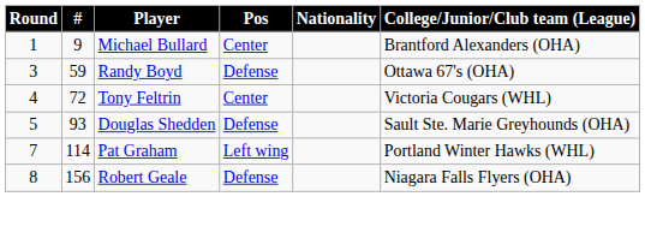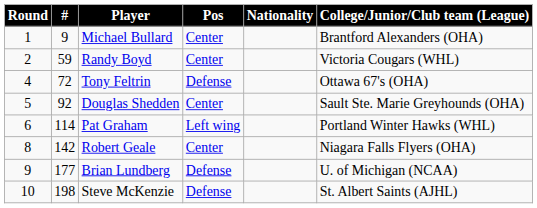 <table class="wikitable">
 <tr>
 <th style="color:white; background:#000000; ">Round</th>
 <th style="color:white; background:#000000; ">#</th>
 <th style="color:white; background:#000000; ">Player</th>
 <th style="color:white; background:#000000; ">Pos</th>
 <th style="color:white; background:#000000; ">Nationality</th>
 <th style="color:white; background:#000000; ">College/Junior/Club team (League)</th>
 </tr>
 <tr>
 <td align=center>1</td>
 <td align=center>9</td>
 <td><a href='#'>Michael Bullard</a></td>
 <td><a href='#'>Center</a></td>
 <td></td>
 <td>Brantford Alexanders (OHA)</td>
 </tr>
 <tr>
-<td align=center>3</td>
+<td align=center>2</td>
 <td align=center>59</td>
 <td><a href='#'>Randy Boyd</a></td>
+<td><a href='#'>Center</a></td>
+<td></td>
+<td>Victoria Cougars (WHL)</td>
+</tr>
+<tr>
+<td align=center>4</td>
+<td align=center>72</td>
+<td><a href='#'>Tony Feltrin</a></td>
 <td><a href='#'>Defense</a></td>
 <td></td>
 <td>Ottawa 67's (OHA)</td>
 </tr>
 <tr>
-<td align=center>4</td>
-<td align=center>72</td>
-<td><a href='#'>Tony Feltrin</a></td>
+<td align=center>5</td>
+<td align=center>92</td>
+<td><a href='#'>Douglas Shedden</a></td>
 <td><a href='#'>Center</a></td>
-<td></td>
-<td>Victoria Cougars (WHL)</td>
-</tr>
-<tr>
-<td align=center>5</td>
-<td align=center>93</td>
-<td><a href='#'>Douglas Shedden</a></td>
-<td><a href='#'>Defense</a></td>
 <td></td>
 <td>Sault Ste. Marie Greyhounds (OHA)</td>
 </tr>
 <tr>
-<td align=center>7</td>
+<td align=center>6</td>
 <td align=center>114</td>
 <td><a href='#'>Pat Graham</a></td>
 <td><a href='#'>Left wing</a></td>
 <td></td>
 <td>Portland Winter Hawks (WHL)</td>
 </tr>
 <tr>
 <td align=center>8</td>
-<td align=center>156</td>
+<td align=center>142</td>
 <td><a href='#'>Robert Geale</a></td>
-<td><a href='#'>Defense</a></td>
+<td><a href='#'>Center</a></td>
 <td></td>
 <td>Niagara Falls Flyers (OHA)</td>
 </tr>
+<tr>
+<td align=center>9</td>
+<td align=center>177</td>
+<td><a href='#'>Brian Lundberg</a></td>
+<td><a href='#'>Defense</a></td>
+<td></td>
+<td>U. of Michigan (NCAA)</td>
+</tr>
+<tr>
+<td align=center>10</td>
+<td align=center>198</td>
+<td>Steve McKenzie</td>
+<td><a href='#'>Defense</a></td>
+<td></td>
+<td>St. Albert Saints (AJHL)</td>
+</tr>
 </table>
